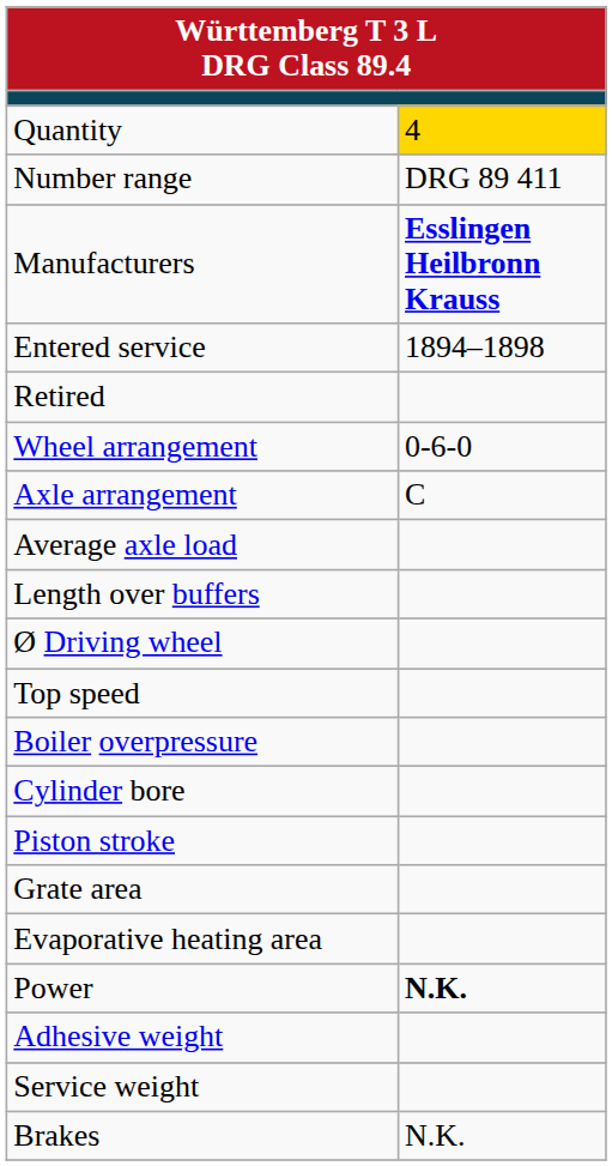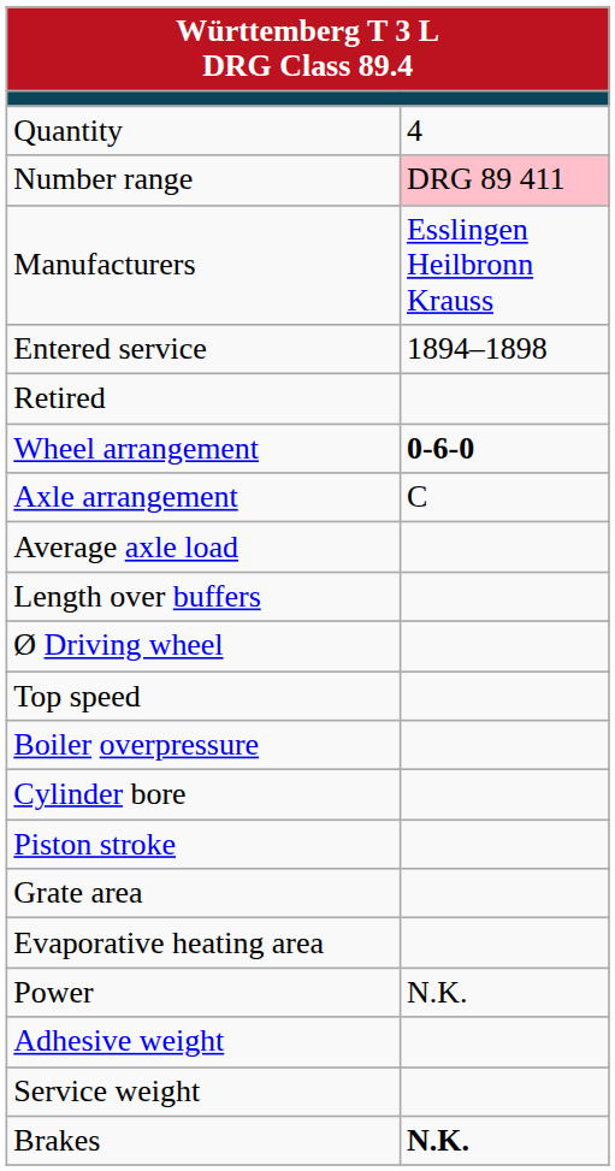 <table class="wikitable float-right"  style="float:right; width:310px;">
 <tr>
 <th colspan="2" style="color:white; background:#BD1220">Württemberg T 3 L <br> DRG Class 89.4</th>
 </tr>
 <tr>
 <td colspan="2" bgcolor="#0B4559"></td>
 </tr>
 <tr>
 <td>Quantity</td>
-<td style="background: gold;">4</td>
+<td>4</td>
 </tr>
 <tr>
 <td>Number range</td>
-<td>DRG 89 411</td>
+<td style="background: pink;">DRG 89 411</td>
 </tr>
 <tr>
 <td>Manufacturers</td>
-<td><strong><a href='#'>Esslingen</a><br><a href='#'>Heilbronn</a><br><a href='#'>Krauss</a></strong></td>
+<td><a href='#'>Esslingen</a><br><a href='#'>Heilbronn</a><br><a href='#'>Krauss</a></td>
 </tr>
 <tr>
 <td>Entered service</td>
 <td>1894–1898</td>
 </tr>
 <tr>
 <td>Retired</td>
 <td></td>
 </tr>
 <tr>
 <td><a href='#'>Wheel arrangement</a></td>
-<td>0-6-0</td>
+<td><strong>0-6-0</strong></td>
 </tr>
 <tr>
 <td><a href='#'>Axle arrangement</a></td>
 <td>C</td>
 </tr>
 <tr>
 <td>Average <a href='#'>axle load</a></td>
 <td></td>
 </tr>
 <tr>
 <td>Length over <a href='#'>buffers</a></td>
 <td></td>
 </tr>
 <tr>
 <td>Ø <a href='#'>Driving wheel</a></td>
 <td></td>
 </tr>
 <tr>
 <td>Top speed</td>
 <td></td>
 </tr>
 <tr>
 <td><a href='#'>Boiler</a> <a href='#'>overpressure</a></td>
 <td></td>
 </tr>
 <tr>
 <td><a href='#'>Cylinder</a> bore</td>
 <td></td>
 </tr>
 <tr>
 <td><a href='#'>Piston stroke</a></td>
 <td></td>
 </tr>
 <tr>
 <td>Grate area</td>
 <td></td>
 </tr>
 <tr>
 <td>Evaporative heating area</td>
 <td></td>
 </tr>
 <tr>
 <td>Power</td>
-<td><strong>N.K.</strong></td>
+<td>N.K.</td>
 </tr>
 <tr>
 <td><a href='#'>Adhesive weight</a></td>
 <td></td>
 </tr>
 <tr>
 <td>Service weight</td>
 <td></td>
 </tr>
 <tr>
 <td>Brakes</td>
-<td>N.K.</td>
+<td><strong>N.K.</strong></td>
 </tr>
 </table>
